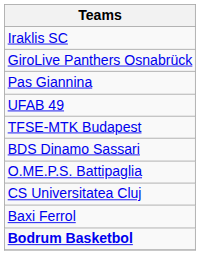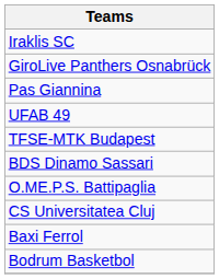 <table class="wikitable">
 <tr>
 <th>Teams</th>
 </tr>
 <tr>
 <td> <a href='#'>Iraklis SC</a></td>
 </tr>
 <tr>
 <td> <a href='#'>GiroLive Panthers Osnabrück</a></td>
 </tr>
 <tr>
 <td> <a href='#'>Pas Giannina</a></td>
 </tr>
 <tr>
 <td> <a href='#'>UFAB 49</a></td>
 </tr>
 <tr>
 <td> <a href='#'>TFSE-MTK Budapest</a></td>
 </tr>
 <tr>
 <td> <a href='#'>BDS Dinamo Sassari</a></td>
 </tr>
 <tr>
 <td> <a href='#'>O.ME.P.S. Battipaglia</a></td>
 </tr>
 <tr>
 <td> <a href='#'>CS Universitatea Cluj</a></td>
 </tr>
 <tr>
 <td> <a href='#'>Baxi Ferrol</a></td>
 </tr>
 <tr>
-<td><strong> <a href='#'>Bodrum Basketbol</a></strong></td>
+<td> <a href='#'>Bodrum Basketbol</a></td>
 </tr>
 <tr>
 </tr>
 </table>
